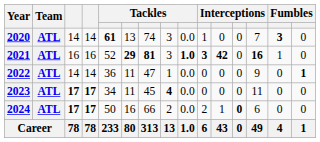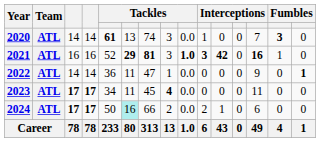 <table class="wikitable sortable" style="text-align:center;">
 <tr>
 <th rowspan="2">Year</th>
 <th rowspan="2">Team</th>
 <th rowspan="2"></th>
 <th rowspan="2"></th>
 <th colspan="5">Tackles</th>
 <th colspan="4">Interceptions</th>
 <th colspan="2">Fumbles</th>
 </tr>
 <tr>
 <th></th>
 <th></th>
 <th></th>
 <th></th>
 <th></th>
 <th></th>
 <th></th>
 <th></th>
 <th></th>
 <th></th>
 <th></th>
 </tr>
 <tr>
 <th><a href='#'>2020</a></th>
 <th><a href='#'>ATL</a></th>
 <td>14</td>
 <td>14</td>
 <td><strong>61</strong></td>
 <td>13</td>
 <td>74</td>
 <td>3</td>
 <td>0.0</td>
 <td>1</td>
 <td>0</td>
 <td>0</td>
 <td>7</td>
 <td><strong>3</strong></td>
 <td>0</td>
 </tr>
 <tr>
 <th><a href='#'>2021</a></th>
 <th><a href='#'>ATL</a></th>
 <td>16</td>
 <td>16</td>
 <td>52</td>
 <td><strong>29</strong></td>
 <td><strong>81</strong></td>
 <td>3</td>
 <td><strong>1.0</strong></td>
 <td><strong>3</strong></td>
 <td><strong>42</strong></td>
 <td>0</td>
 <td><strong>16</strong></td>
 <td>1</td>
 <td>0</td>
 </tr>
 <tr>
 <th><a href='#'>2022</a></th>
 <th><a href='#'>ATL</a></th>
 <td>14</td>
 <td>14</td>
 <td>36</td>
 <td>11</td>
 <td>47</td>
 <td>1</td>
 <td>0.0</td>
 <td>0</td>
 <td>0</td>
 <td>0</td>
 <td>9</td>
 <td>0</td>
 <td><strong>1</strong></td>
 </tr>
 <tr>
 <th><a href='#'>2023</a></th>
 <th><a href='#'>ATL</a></th>
 <td><strong>17</strong></td>
 <td><strong>17</strong></td>
 <td>34</td>
 <td>11</td>
 <td>45</td>
 <td><strong>4</strong></td>
 <td>0.0</td>
 <td>0</td>
 <td>0</td>
 <td>0</td>
 <td>11</td>
 <td>0</td>
 <td>0</td>
 </tr>
 <tr>
 <th><a href='#'>2024</a></th>
 <th><a href='#'>ATL</a></th>
 <td><strong>17</strong></td>
 <td><strong>17</strong></td>
 <td>50</td>
-<td>16</td>
+<td style="background: paleturquoise;">16</td>
 <td>66</td>
 <td>2</td>
 <td>0.0</td>
 <td>2</td>
 <td>1</td>
-<td><strong>0</strong></td>
+<td>0</td>
 <td>6</td>
 <td>0</td>
 <td>0</td>
 </tr>
 <tr>
 <th colspan="2">Career</th>
 <th>78</th>
 <th>78</th>
 <th>233</th>
 <th>80</th>
 <th>313</th>
 <th>13</th>
 <th>1.0</th>
 <th>6</th>
 <th>43</th>
 <th>0</th>
 <th>49</th>
 <th>4</th>
 <th>1</th>
 </tr>
 </table>
